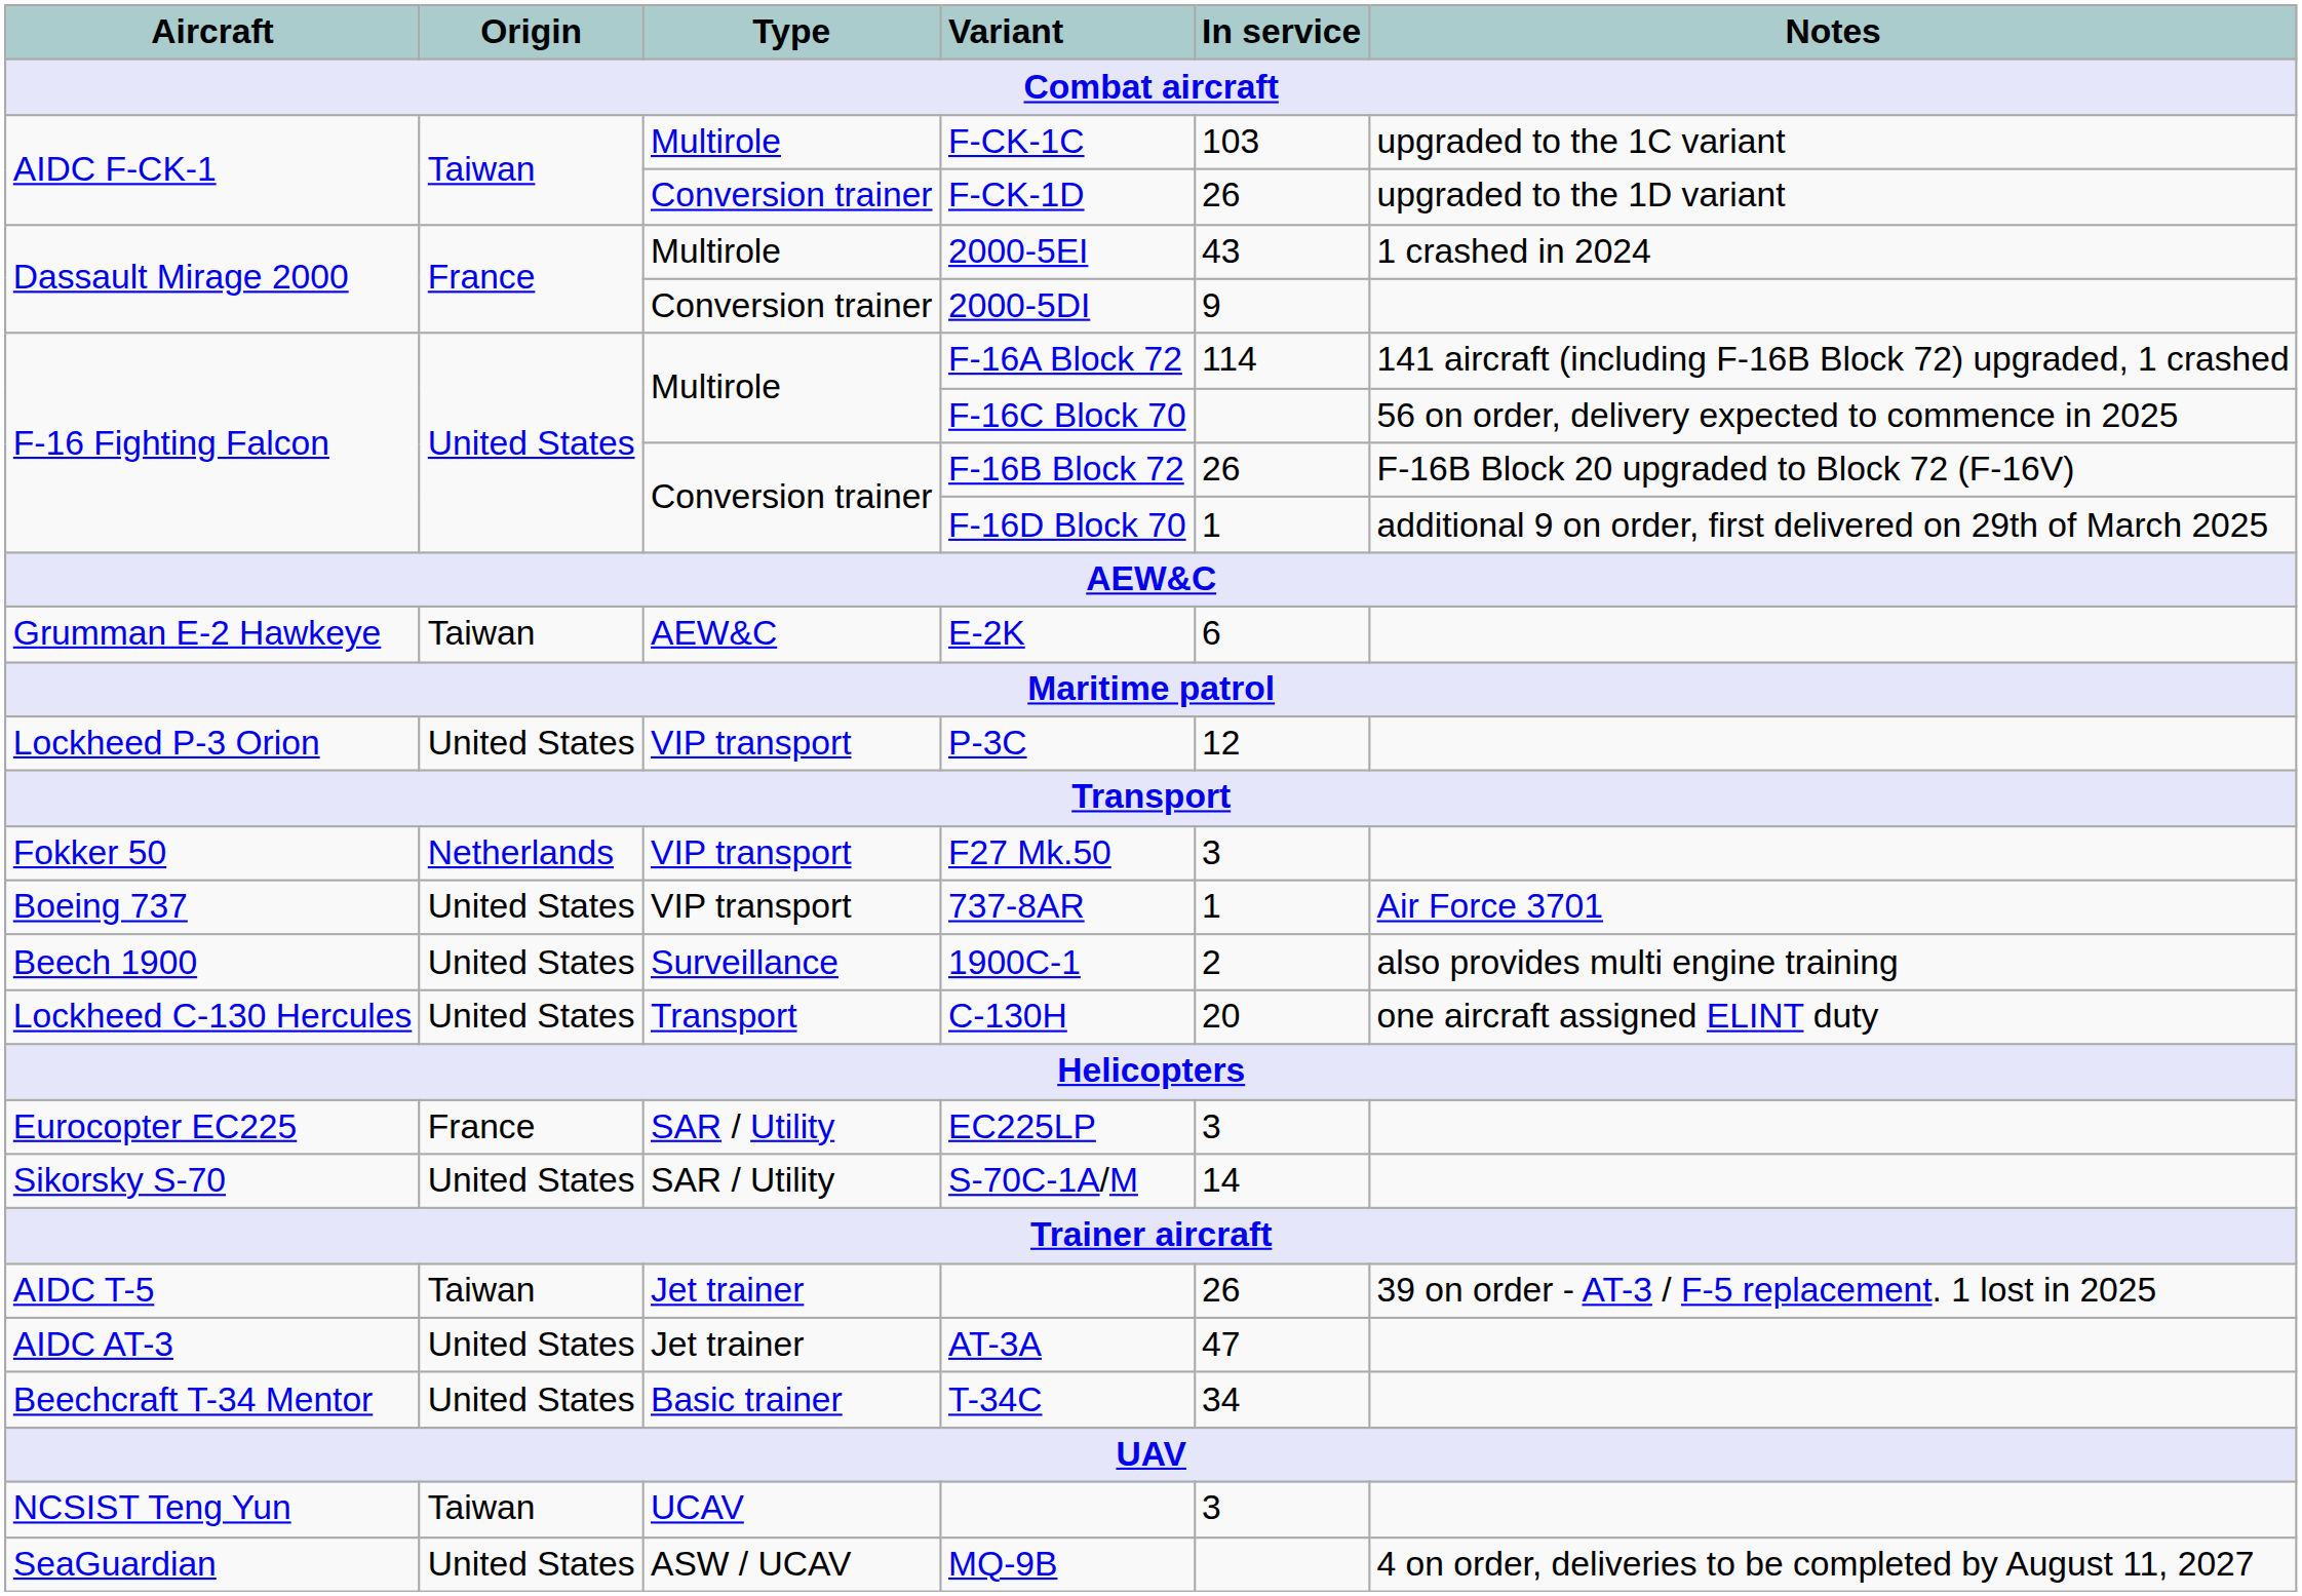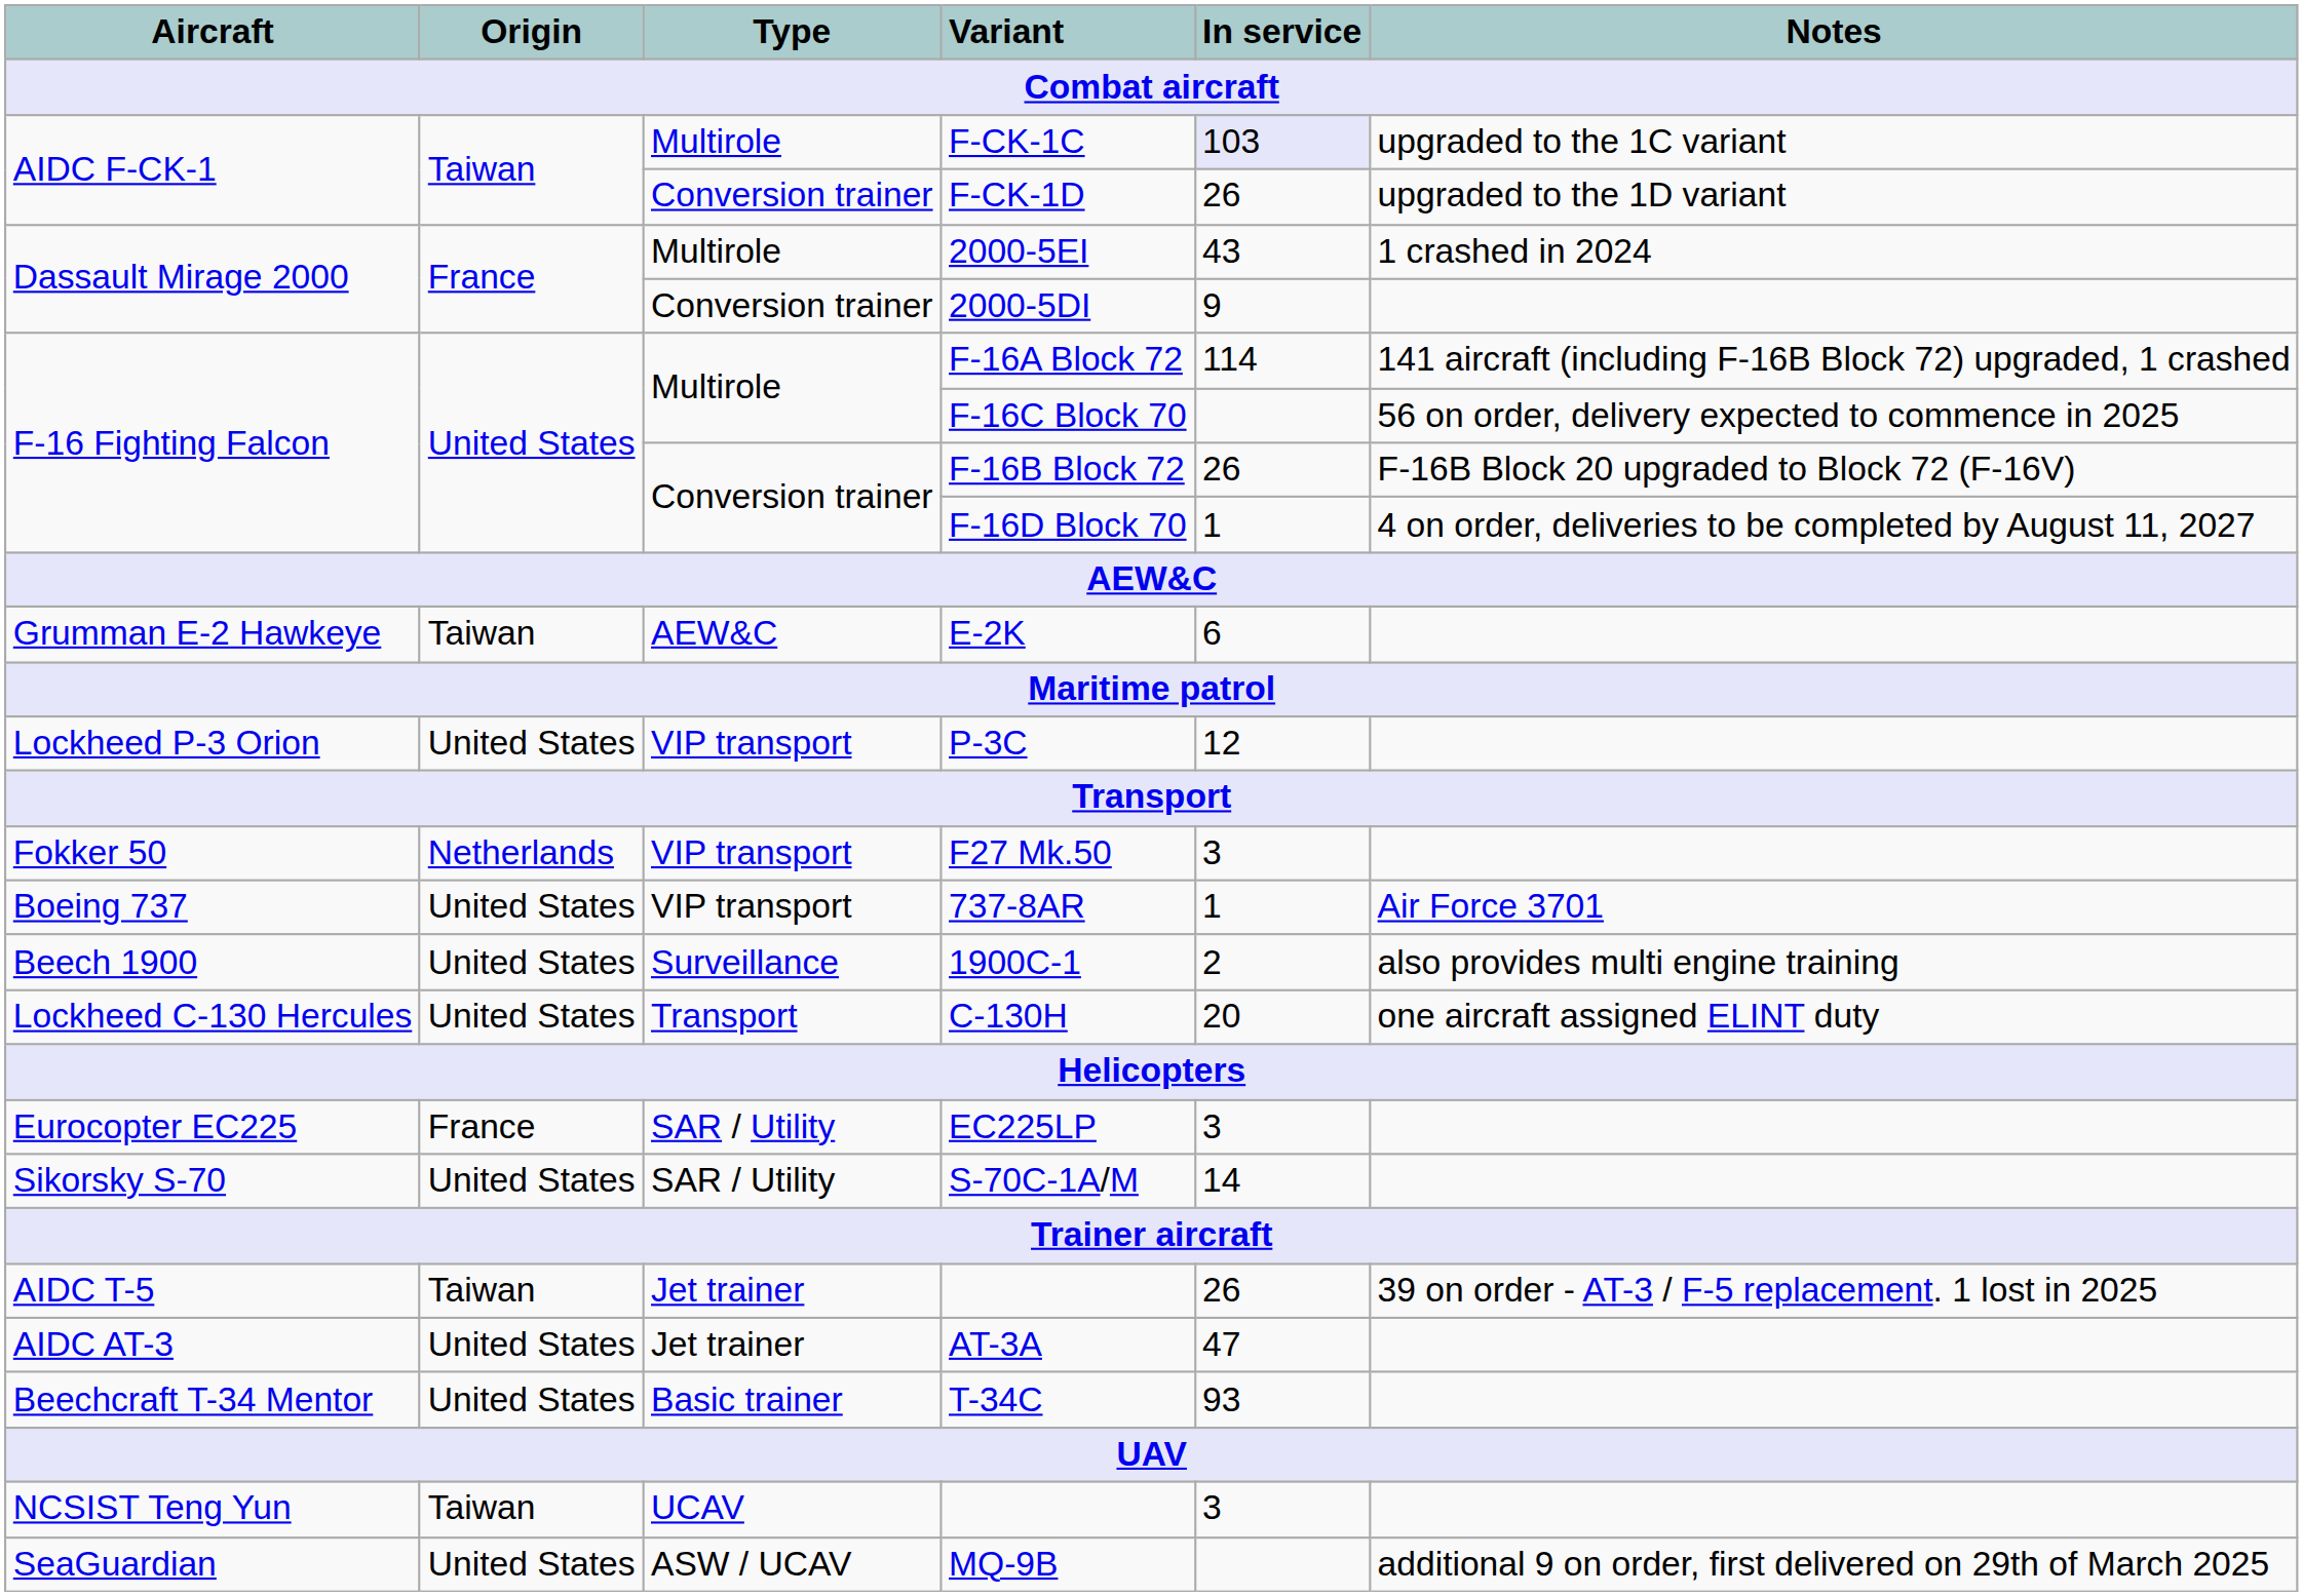 <table class = "wikitable">
 <tr>
 <th style = "text-align:center; background:#acc;">Aircraft</th>
 <th style = "text-align: center; background:#acc;">Origin</th>
 <th style = "text-align:l center; background:#acc;">Type</th>
 <th style =   "text-align:left; background:#acc;">Variant</th>
 <th style = "text-align:center; background:#acc;">In service</th>
 <th style = "text-align: center; background:#acc;">Notes</th>
 </tr>
 <tr>
 <th style = "align: center; background: lavender;" colspan="6"><a href='#'>Combat aircraft</a></th>
 </tr>
 <tr>
 <td rowspan="2"><a href='#'>AIDC F-CK-1</a></td>
 <td rowspan="2"><a href='#'>Taiwan</a></td>
 <td><a href='#'>Multirole</a></td>
 <td><a href='#'>F-CK-1C</a></td>
-<td>103</td>
+<td style="background: lavender;">103</td>
 <td>upgraded to the 1C variant</td>
 </tr>
 <tr>
 <td><a href='#'>Conversion trainer</a></td>
 <td><a href='#'>F-CK-1D</a></td>
 <td>26</td>
 <td>upgraded to the 1D variant</td>
 </tr>
 <tr>
 <td rowspan="2"><a href='#'>Dassault Mirage 2000</a></td>
 <td rowspan="2"><a href='#'>France</a></td>
 <td>Multirole</td>
 <td><a href='#'>2000-5EI</a></td>
 <td>43</td>
 <td>1 crashed in 2024</td>
 </tr>
 <tr>
 <td>Conversion trainer</td>
 <td><a href='#'>2000-5DI</a></td>
 <td>9</td>
 <td></td>
 </tr>
 <tr>
 <td rowspan="4"><a href='#'>F-16 Fighting Falcon</a></td>
 <td rowspan="4"><a href='#'>United States</a></td>
 <td rowspan="2">Multirole</td>
 <td><a href='#'>F-16A Block 72</a></td>
 <td>114</td>
 <td>141 aircraft (including F-16B Block 72) upgraded, 1 crashed</td>
 </tr>
 <tr>
 <td><a href='#'>F-16C Block 70</a></td>
 <td></td>
 <td>56 on order, delivery expected to commence in 2025</td>
 </tr>
 <tr>
 <td rowspan="2">Conversion trainer</td>
 <td><a href='#'>F-16B Block 72</a></td>
 <td>26</td>
 <td>F-16B Block 20 upgraded to Block 72 (F-16V)</td>
 </tr>
 <tr>
 <td><a href='#'>F-16D Block 70</a></td>
 <td>1</td>
-<td>additional 9 on order, first delivered on 29th of March 2025 </td>
+<td>4 on order, deliveries to be completed by August 11, 2027</td>
 </tr>
 <tr>
 <th style = "align: center; background: lavender;" colspan="6"><a href='#'>AEW&C</a></th>
 </tr>
 <tr>
 <td><a href='#'>Grumman E-2 Hawkeye</a></td>
 <td>Taiwan</td>
 <td><a href='#'>AEW&C</a></td>
 <td><a href='#'>E-2K</a></td>
 <td>6</td>
 <td></td>
 </tr>
 <tr>
 <th style = "align: center; background: lavender;" colspan="6"><a href='#'>Maritime patrol</a></th>
 </tr>
 <tr>
 <td><a href='#'>Lockheed P-3 Orion</a></td>
 <td>United States</td>
 <td><a href='#'>VIP transport</a></td>
 <td><a href='#'>P-3C</a></td>
 <td>12</td>
 <td></td>
 </tr>
 <tr>
 <th style = "align: center; background: lavender;" colspan="6"><a href='#'>Transport</a></th>
 </tr>
 <tr>
 <td><a href='#'>Fokker 50</a></td>
 <td><a href='#'>Netherlands</a></td>
 <td><a href='#'>VIP transport</a></td>
 <td><a href='#'>F27 Mk.50</a></td>
 <td>3</td>
 <td></td>
 </tr>
 <tr>
 <td><a href='#'>Boeing 737</a></td>
 <td>United States</td>
 <td>VIP transport</td>
 <td><a href='#'>737-8AR</a></td>
 <td>1</td>
 <td><a href='#'>Air Force 3701</a></td>
 </tr>
 <tr>
 <td><a href='#'>Beech 1900</a></td>
 <td>United States</td>
 <td><a href='#'>Surveillance</a></td>
 <td><a href='#'>1900C-1</a></td>
 <td>2</td>
 <td>also provides multi engine training</td>
 </tr>
 <tr>
 <td><a href='#'>Lockheed C-130 Hercules</a></td>
 <td>United States</td>
 <td><a href='#'>Transport</a></td>
 <td><a href='#'>C-130H</a></td>
 <td>20</td>
 <td>one aircraft assigned <a href='#'>ELINT</a> duty</td>
 </tr>
 <tr>
 <th style = "align: center; background: lavender;" colspan="6"><a href='#'>Helicopters</a></th>
 </tr>
 <tr>
 <td><a href='#'>Eurocopter EC225</a></td>
 <td>France</td>
 <td><a href='#'>SAR</a> / <a href='#'>Utility</a></td>
 <td><a href='#'>EC225LP</a></td>
 <td>3</td>
 <td></td>
 </tr>
 <tr>
 <td><a href='#'>Sikorsky S-70</a></td>
 <td>United States</td>
 <td>SAR / Utility</td>
 <td><a href='#'>S-70C-1A</a>/<a href='#'>M</a></td>
 <td>14</td>
 <td></td>
 </tr>
 <tr>
 <th style = "align: center; background: lavender;" colspan="6"><a href='#'>Trainer aircraft</a></th>
 </tr>
 <tr>
 <td><a href='#'>AIDC T-5</a></td>
 <td>Taiwan</td>
 <td><a href='#'>Jet trainer</a></td>
 <td></td>
 <td>26</td>
 <td>39 on order - <a href='#'>AT-3</a> / <a href='#'>F-5 replacement</a>. 1 lost in 2025</td>
 </tr>
 <tr>
 <td><a href='#'>AIDC AT-3</a></td>
 <td>United States</td>
 <td>Jet trainer</td>
 <td><a href='#'>AT-3A</a></td>
 <td>47</td>
 <td></td>
 </tr>
 <tr>
 <td><a href='#'>Beechcraft T-34 Mentor</a></td>
 <td>United States</td>
 <td><a href='#'>Basic trainer</a></td>
 <td><a href='#'>T-34C</a></td>
-<td>34</td>
+<td>93</td>
 <td></td>
 </tr>
 <tr>
 <th style = "align: center; background: lavender;" colspan="6"><a href='#'>UAV</a></th>
 </tr>
 <tr>
 <td><a href='#'>NCSIST Teng Yun</a></td>
 <td>Taiwan</td>
 <td><a href='#'>UCAV</a></td>
 <td></td>
 <td>3</td>
 <td></td>
 </tr>
 <tr>
 <td><a href='#'>SeaGuardian</a></td>
 <td>United States</td>
 <td>ASW / UCAV</td>
 <td><a href='#'>MQ-9B</a></td>
 <td></td>
-<td>4 on order, deliveries to be completed by August 11, 2027</td>
+<td>additional 9 on order, first delivered on 29th of March 2025 </td>
 </tr>
 </table>
